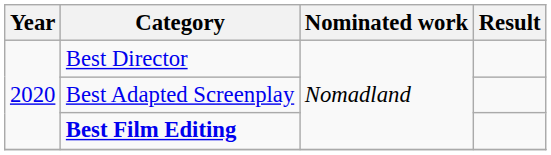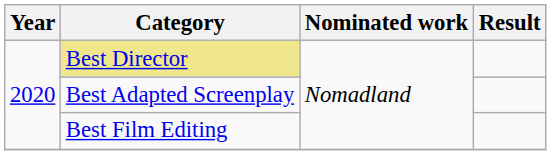 <table class="wikitable">
 <tr>
 <th>Year</th>
 <th>Category</th>
 <th>Nominated work</th>
 <th>Result</th>
 </tr>
 <tr>
 <td rowspan="3"><a href='#'>2020</a></td>
-<td><a href='#'>Best Director</a></td>
+<td style="background: khaki;"><a href='#'>Best Director</a></td>
 <td rowspan=3><em>Nomadland</em></td>
 <td></td>
 </tr>
 <tr>
 <td><a href='#'>Best Adapted Screenplay</a></td>
 <td></td>
 </tr>
 <tr>
-<td><strong><a href='#'>Best Film Editing</a></strong></td>
+<td><a href='#'>Best Film Editing</a></td>
 <td></td>
 </tr>
 <tr>
 </tr>
 </table>
